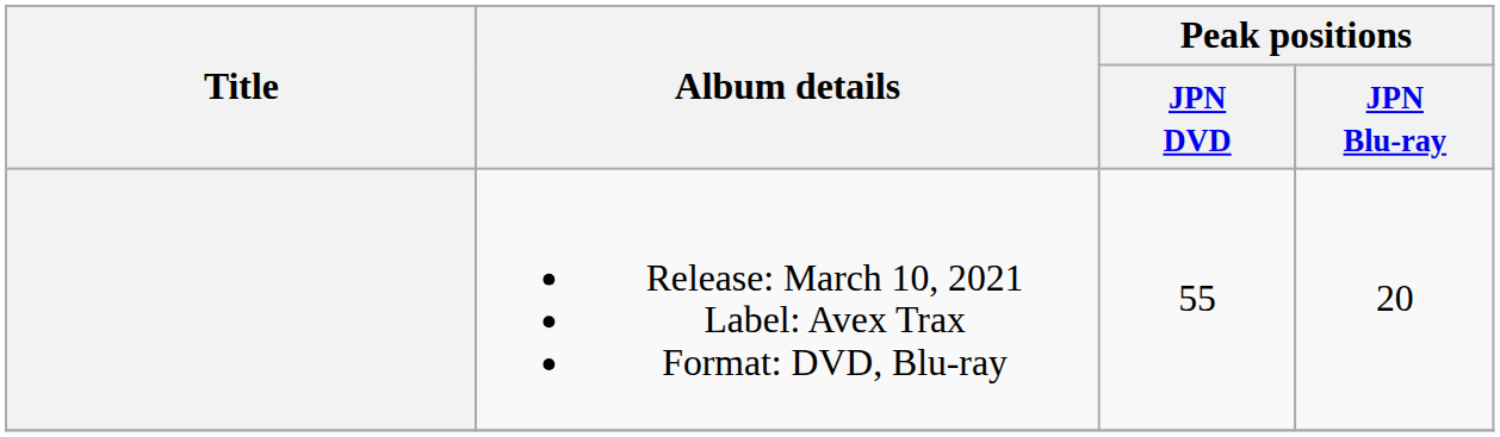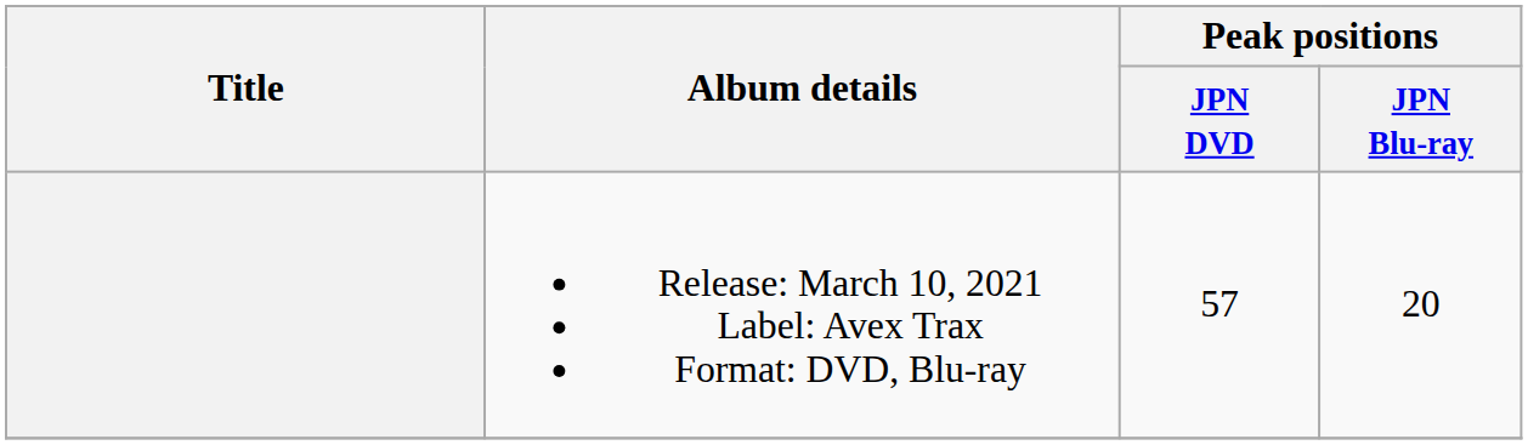 <table class="wikitable plainrowheaders" style="text-align:center;">
 <tr>
 <th style="width:12em;" rowspan="2">Title</th>
 <th style="width:16em;" rowspan="2">Album details</th>
 <th colspan="2" style="width:10em;">Peak positions</th>
 </tr>
 <tr>
 <th style="width:2.5em;"><small><a href='#'>JPN<br>DVD</a></small><br></th>
 <th style="width:2.5em;"><small><a href='#'>JPN<br>Blu-ray</a></small><br></th>
 </tr>
 <tr>
 <th scope="row"></th>
 <td><br><ul><li>Release: March 10, 2021</li><li>Label: Avex Trax</li><li>Format: DVD, Blu-ray</li></ul></td>
-<td>55</td>
+<td>57</td>
 <td>20</td>
 </tr>
 <tr>
 </tr>
 </table>
